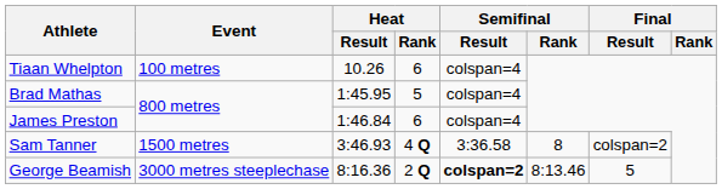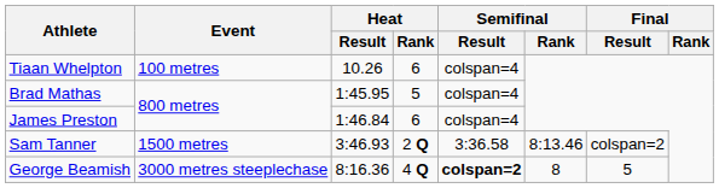 <table class="wikitable" style="font-size:90%">
 <tr>
 <th rowspan="2">Athlete</th>
 <th rowspan="2">Event</th>
 <th colspan="2">Heat</th>
 <th colspan="2">Semifinal</th>
 <th colspan="2">Final</th>
 </tr>
 <tr style="font-size:95%">
 <th>Result</th>
 <th>Rank</th>
 <th>Result</th>
 <th>Rank</th>
 <th>Result</th>
 <th>Rank</th>
 </tr>
 <tr align=center>
 <td align=left><a href='#'>Tiaan Whelpton</a></td>
 <td align=left><a href='#'>100 metres</a></td>
 <td>10.26</td>
 <td>6</td>
 <td>colspan=4 </td>
 </tr>
 <tr align=center>
 <td align=left><a href='#'>Brad Mathas</a></td>
 <td align=left rowspan=2><a href='#'>800 metres</a></td>
 <td>1:45.95</td>
 <td>5</td>
 <td>colspan=4 </td>
 </tr>
 <tr align=center>
 <td align=left><a href='#'>James Preston</a></td>
 <td>1:46.84</td>
 <td>6</td>
 <td>colspan=4 </td>
 </tr>
 <tr align=center>
 <td align=left><a href='#'>Sam Tanner</a></td>
 <td align=left><a href='#'>1500 metres</a></td>
 <td>3:46.93</td>
-<td>4 <strong>Q</strong></td>
+<td>2 <strong>Q</strong></td>
 <td>3:36.58</td>
-<td>8</td>
+<td>8:13.46</td>
 <td>colspan=2 </td>
 </tr>
 <tr align=center>
 <td align=left><a href='#'>George Beamish</a></td>
 <td align=left><a href='#'>3000 metres steeplechase</a></td>
 <td>8:16.36</td>
-<td>2 <strong>Q</strong></td>
+<td>4 <strong>Q</strong></td>
 <td><strong>colspan=2</strong></td>
-<td>8:13.46</td>
+<td>8</td>
 <td>5</td>
 </tr>
 </table>
